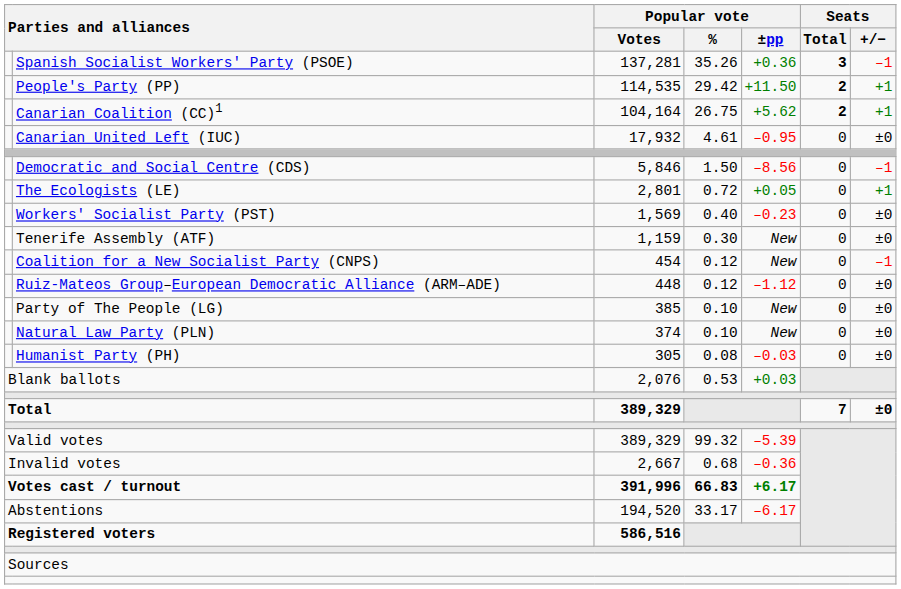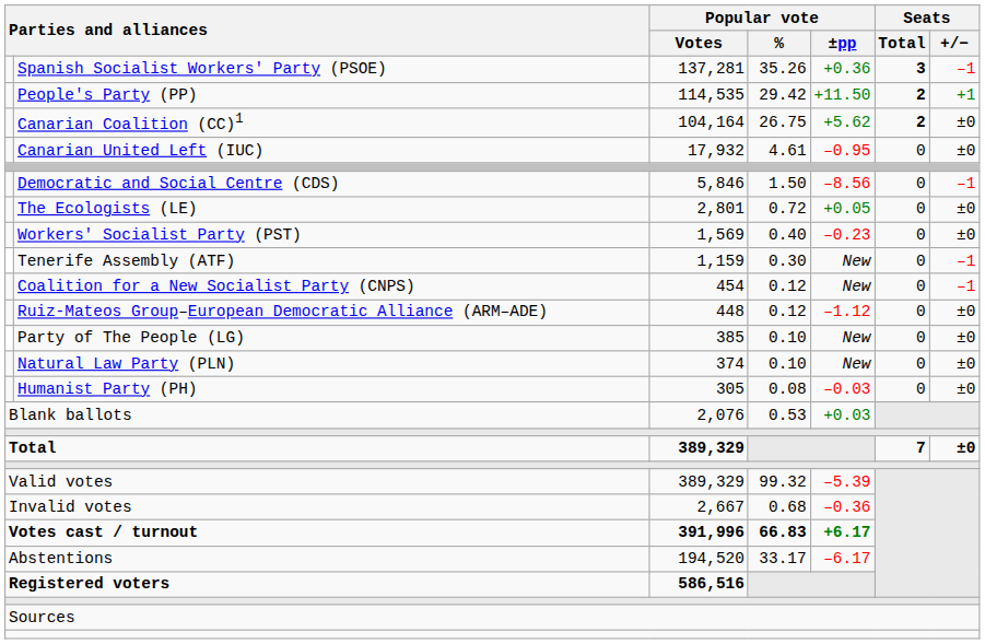 <table class="wikitable" style="text-align:right;">
 <tr>
 <th style="text-align:left;" rowspan="2" colspan="2" width="525">Parties and alliances</th>
 <th colspan="3">Popular vote</th>
 <th colspan="2">Seats</th>
 </tr>
 <tr>
 <th width="75">Votes</th>
 <th width="45">%</th>
 <th width="45">±<a href='#'>pp</a></th>
 <th width="35">Total</th>
 <th width="35">+/−</th>
 </tr>
 <tr>
 <td width="1" style="color:inherit;background:"></td>
 <td align="left"><a href='#'>Spanish Socialist Workers' Party</a> (PSOE)</td>
 <td>137,281</td>
 <td>35.26</td>
 <td style="color:green;">+0.36</td>
 <td><strong>3</strong></td>
 <td style="color:red;">–1</td>
 </tr>
 <tr>
 <td style="color:inherit;background:"></td>
 <td align="left"><a href='#'>People's Party</a> (PP)</td>
 <td>114,535</td>
 <td>29.42</td>
 <td style="color:green;">+11.50</td>
 <td><strong>2</strong></td>
 <td style="color:green;">+1</td>
 </tr>
 <tr>
 <td style="color:inherit;background:"></td>
 <td align="left"><a href='#'>Canarian Coalition</a> (CC)<sup>1</sup></td>
 <td>104,164</td>
 <td>26.75</td>
 <td style="color:green;">+5.62</td>
 <td><strong>2</strong></td>
-<td style="color:green;">+1</td>
+<td>±0</td>
 </tr>
 <tr>
 <td style="color:inherit;background:"></td>
 <td align="left"><a href='#'>Canarian United Left</a> (IUC)</td>
 <td>17,932</td>
 <td>4.61</td>
 <td style="color:red;">–0.95</td>
 <td>0</td>
 <td>±0</td>
 </tr>
 <tr>
 <td colspan="7" bgcolor="#C0C0C0"></td>
 </tr>
 <tr>
 <td style="color:inherit;background:"></td>
 <td align="left"><a href='#'>Democratic and Social Centre</a> (CDS)</td>
 <td>5,846</td>
 <td>1.50</td>
 <td style="color:red;">–8.56</td>
 <td>0</td>
 <td style="color:red;">–1</td>
 </tr>
 <tr>
 <td style="color:inherit;background:"></td>
 <td align="left"><a href='#'>The Ecologists</a> (LE)</td>
 <td>2,801</td>
 <td>0.72</td>
 <td style="color:green;">+0.05</td>
 <td>0</td>
-<td style="color:green;">+1</td>
+<td>±0</td>
 </tr>
 <tr>
 <td style="color:inherit;background:"></td>
 <td align="left"><a href='#'>Workers' Socialist Party</a> (PST)</td>
 <td>1,569</td>
 <td>0.40</td>
 <td style="color:red;">–0.23</td>
 <td>0</td>
 <td>±0</td>
 </tr>
 <tr>
 <td bgcolor="white"></td>
 <td align="left">Tenerife Assembly (ATF)</td>
 <td>1,159</td>
 <td>0.30</td>
 <td><em>New</em></td>
 <td>0</td>
-<td>±0</td>
+<td style="color:red;">–1</td>
 </tr>
 <tr>
 <td style="color:inherit;background:"></td>
 <td align="left"><a href='#'>Coalition for a New Socialist Party</a> (CNPS)</td>
 <td>454</td>
 <td>0.12</td>
 <td><em>New</em></td>
 <td>0</td>
 <td style="color:red;">–1</td>
 </tr>
 <tr>
 <td style="color:inherit;background:"></td>
 <td align="left"><a href='#'>Ruiz-Mateos Group</a>–<a href='#'>European Democratic Alliance</a> (ARM–ADE)</td>
 <td>448</td>
 <td>0.12</td>
 <td style="color:red;">–1.12</td>
 <td>0</td>
 <td>±0</td>
 </tr>
 <tr>
 <td bgcolor="white"></td>
 <td align="left">Party of The People (LG)</td>
 <td>385</td>
 <td>0.10</td>
 <td><em>New</em></td>
 <td>0</td>
 <td>±0</td>
 </tr>
 <tr>
 <td style="color:inherit;background:"></td>
 <td align="left"><a href='#'>Natural Law Party</a> (PLN)</td>
 <td>374</td>
 <td>0.10</td>
 <td><em>New</em></td>
 <td>0</td>
 <td>±0</td>
 </tr>
 <tr>
 <td style="color:inherit;background:"></td>
 <td align="left"><a href='#'>Humanist Party</a> (PH)</td>
 <td>305</td>
 <td>0.08</td>
 <td style="color:red;">–0.03</td>
 <td>0</td>
 <td>±0</td>
 </tr>
 <tr>
 <td align="left" colspan="2">Blank ballots</td>
 <td>2,076</td>
 <td>0.53</td>
 <td style="color:green;">+0.03</td>
 <td bgcolor="#E9E9E9" colspan="2"></td>
 </tr>
 <tr>
 <td colspan="7" bgcolor="#E9E9E9"></td>
 </tr>
 <tr style="font-weight:bold;">
 <td align="left" colspan="2">Total</td>
 <td>389,329</td>
 <td bgcolor="#E9E9E9" colspan="2"></td>
 <td>7</td>
 <td>±0</td>
 </tr>
 <tr>
 <td colspan="7" bgcolor="#E9E9E9"></td>
 </tr>
 <tr>
 <td align="left" colspan="2">Valid votes</td>
 <td>389,329</td>
 <td>99.32</td>
 <td style="color:red;">–5.39</td>
 <td bgcolor="#E9E9E9" colspan="2" rowspan="5"></td>
 </tr>
 <tr>
 <td align="left" colspan="2">Invalid votes</td>
 <td>2,667</td>
 <td>0.68</td>
 <td style="color:red;">–0.36</td>
 </tr>
 <tr style="font-weight:bold;">
 <td align="left" colspan="2">Votes cast / turnout</td>
 <td>391,996</td>
 <td>66.83</td>
 <td style="color:green;">+6.17</td>
 </tr>
 <tr>
 <td align="left" colspan="2">Abstentions</td>
 <td>194,520</td>
 <td>33.17</td>
 <td style="color:red;">–6.17</td>
 </tr>
 <tr style="font-weight:bold;">
 <td align="left" colspan="2">Registered voters</td>
 <td>586,516</td>
 <td bgcolor="#E9E9E9" colspan="2"></td>
 </tr>
 <tr>
 <td colspan="7" bgcolor="#E9E9E9"></td>
 </tr>
 <tr>
 <td align="left" colspan="7">Sources</td>
 </tr>
 <tr>
 <td colspan="7" style="text-align:left; max-width:790px;"></td>
 </tr>
 </table>
